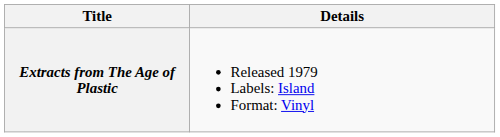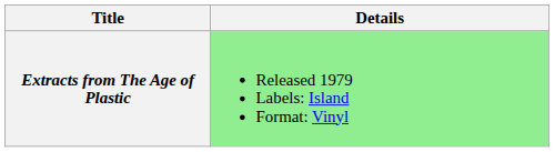 <table class="wikitable plainrowheaders">
 <tr>
 <th scope="col" style="width:12em;">Title</th>
 <th scope="col" style="width:20em;">Details</th>
 </tr>
 <tr>
 <th scope="row"><em>Extracts from The Age of Plastic</em></th>
-<td><br><ul><li>Released 1979</li><li>Labels: <a href='#'>Island</a></li><li>Format: <a href='#'>Vinyl</a></li></ul></td>
+<td style="background: lightgreen;"><br><ul><li>Released 1979</li><li>Labels: <a href='#'>Island</a></li><li>Format: <a href='#'>Vinyl</a></li></ul></td>
 </tr>
 </table>
